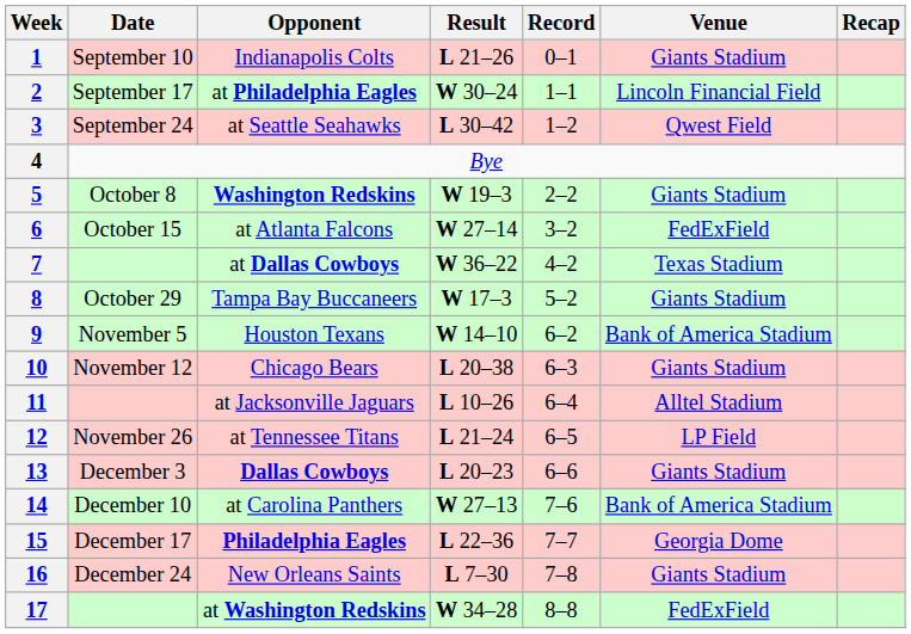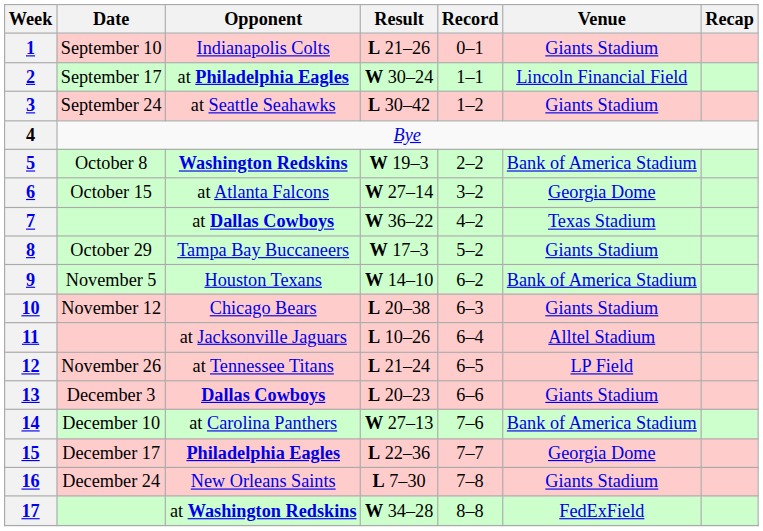 <table class="wikitable" style="text-align:center">
 <tr>
 <th>Week</th>
 <th>Date</th>
 <th>Opponent</th>
 <th>Result</th>
 <th>Record</th>
 <th>Venue</th>
 <th>Recap</th>
 </tr>
 <tr style="background:#fcc;">
 <th><a href='#'>1</a></th>
 <td>September 10</td>
 <td><a href='#'>Indianapolis Colts</a></td>
 <td><strong>L</strong> 21–26</td>
 <td>0–1</td>
 <td><a href='#'>Giants Stadium</a></td>
 <td></td>
 </tr>
 <tr style="background:#cfc;">
 <th><a href='#'>2</a></th>
 <td>September 17</td>
 <td>at <strong><a href='#'>Philadelphia Eagles</a></strong></td>
 <td><strong>W</strong> 30–24 </td>
 <td>1–1</td>
 <td><a href='#'>Lincoln Financial Field</a></td>
 <td></td>
 </tr>
 <tr style="background:#fcc;">
 <th><a href='#'>3</a></th>
 <td>September 24</td>
 <td>at <a href='#'>Seattle Seahawks</a></td>
 <td><strong>L</strong> 30–42</td>
 <td>1–2</td>
-<td><a href='#'>Qwest Field</a></td>
+<td><a href='#'>Giants Stadium</a></td>
 <td></td>
 </tr>
 <tr>
 <th>4</th>
 <td colspan="6" style="text-align:center;"><em><a href='#'>Bye</a></em></td>
 </tr>
 <tr style="background:#cfc;">
 <th><a href='#'>5</a></th>
 <td>October 8</td>
 <td><strong><a href='#'>Washington Redskins</a></strong></td>
 <td><strong>W</strong> 19–3</td>
 <td>2–2</td>
-<td><a href='#'>Giants Stadium</a></td>
+<td><a href='#'>Bank of America Stadium</a></td>
 <td></td>
 </tr>
 <tr style="background:#cfc;">
 <th><a href='#'>6</a></th>
 <td>October 15</td>
 <td>at <a href='#'>Atlanta Falcons</a></td>
 <td><strong>W</strong> 27–14</td>
 <td>3–2</td>
-<td><a href='#'>FedExField</a></td>
+<td><a href='#'>Georgia Dome</a></td>
 <td></td>
 </tr>
 <tr style="background:#cfc;">
 <th><a href='#'>7</a></th>
 <td></td>
 <td>at <strong><a href='#'>Dallas Cowboys</a></strong></td>
 <td><strong>W</strong> 36–22</td>
 <td>4–2</td>
 <td><a href='#'>Texas Stadium</a></td>
 <td></td>
 </tr>
 <tr style="background:#cfc;">
 <th><a href='#'>8</a></th>
 <td>October 29</td>
 <td><a href='#'>Tampa Bay Buccaneers</a></td>
 <td><strong>W</strong> 17–3</td>
 <td>5–2</td>
 <td><a href='#'>Giants Stadium</a></td>
 <td></td>
 </tr>
 <tr style="background:#cfc;">
 <th><a href='#'>9</a></th>
 <td>November 5</td>
 <td><a href='#'>Houston Texans</a></td>
 <td><strong>W</strong> 14–10</td>
 <td>6–2</td>
 <td><a href='#'>Bank of America Stadium</a></td>
 <td></td>
 </tr>
 <tr style="background:#fcc;">
 <th><a href='#'>10</a></th>
 <td>November 12</td>
 <td><a href='#'>Chicago Bears</a></td>
 <td><strong>L</strong> 20–38</td>
 <td>6–3</td>
 <td><a href='#'>Giants Stadium</a></td>
 <td></td>
 </tr>
 <tr style="background:#fcc;">
 <th><a href='#'>11</a></th>
 <td></td>
 <td>at <a href='#'>Jacksonville Jaguars</a></td>
 <td><strong>L</strong> 10–26</td>
 <td>6–4</td>
 <td><a href='#'>Alltel Stadium</a></td>
 <td></td>
 </tr>
 <tr style="background:#fcc;">
 <th><a href='#'>12</a></th>
 <td>November 26</td>
 <td>at <a href='#'>Tennessee Titans</a></td>
 <td><strong>L</strong> 21–24</td>
 <td>6–5</td>
 <td><a href='#'>LP Field</a></td>
 <td></td>
 </tr>
 <tr style="background:#fcc;">
 <th><a href='#'>13</a></th>
 <td>December 3</td>
 <td><strong><a href='#'>Dallas Cowboys</a></strong></td>
 <td><strong>L</strong> 20–23</td>
 <td>6–6</td>
 <td><a href='#'>Giants Stadium</a></td>
 <td></td>
 </tr>
 <tr style="background:#cfc;">
 <th><a href='#'>14</a></th>
 <td>December 10</td>
 <td>at <a href='#'>Carolina Panthers</a></td>
 <td><strong>W</strong> 27–13</td>
 <td>7–6</td>
 <td><a href='#'>Bank of America Stadium</a></td>
 <td></td>
 </tr>
 <tr style="background:#fcc;">
 <th><a href='#'>15</a></th>
 <td>December 17</td>
 <td><strong><a href='#'>Philadelphia Eagles</a></strong></td>
 <td><strong>L</strong> 22–36</td>
 <td>7–7</td>
 <td><a href='#'>Georgia Dome</a></td>
 <td></td>
 </tr>
 <tr style="background:#fcc;">
 <th><a href='#'>16</a></th>
 <td>December 24</td>
 <td><a href='#'>New Orleans Saints</a></td>
 <td><strong>L</strong> 7–30</td>
 <td>7–8</td>
 <td><a href='#'>Giants Stadium</a></td>
 <td></td>
 </tr>
 <tr style="background:#cfc;">
 <th><a href='#'>17</a></th>
 <td></td>
 <td>at <strong><a href='#'>Washington Redskins</a></strong></td>
 <td><strong>W</strong> 34–28</td>
 <td>8–8</td>
 <td><a href='#'>FedExField</a></td>
 <td></td>
 </tr>
 <tr>
 </tr>
 </table>
